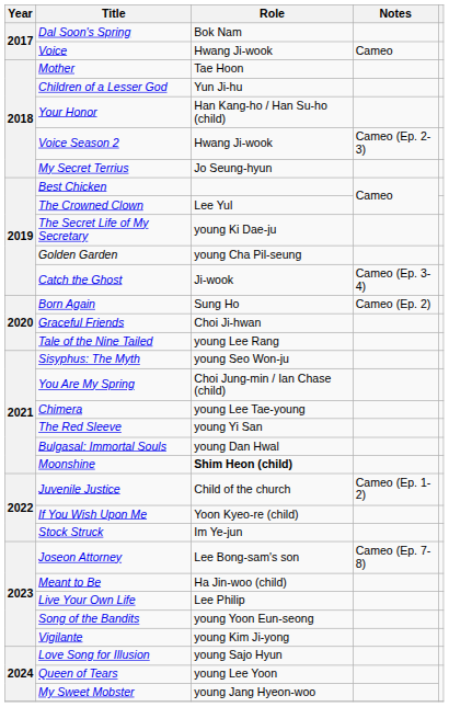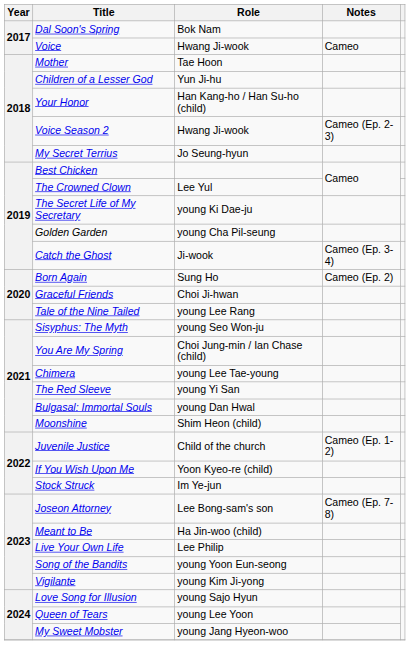 <table class="wikitable sortable plainrowheaders">
 <tr>
 <th scope="col">Year</th>
 <th scope="col">Title</th>
 <th scope="col">Role</th>
 <th scope="col">Notes</th>
 <th scope="col" class="unsortable"></th>
 </tr>
 <tr>
 <th scope="row" rowspan="2">2017</th>
 <td><em><a href='#'>Dal Soon's Spring</a></em></td>
 <td>Bok Nam</td>
 <td></td>
 <td></td>
 </tr>
 <tr>
 <td><em><a href='#'>Voice</a></em></td>
 <td>Hwang Ji-wook</td>
 <td>Cameo</td>
 <td></td>
 </tr>
 <tr>
 <th scope="row" rowspan="5">2018</th>
 <td><em><a href='#'>Mother</a></em></td>
 <td>Tae Hoon</td>
 <td></td>
 <td></td>
 </tr>
 <tr>
 <td><em><a href='#'>Children of a Lesser God</a></em></td>
 <td>Yun Ji-hu</td>
 <td></td>
 <td></td>
 </tr>
 <tr>
 <td><em><a href='#'>Your Honor</a></em></td>
 <td>Han Kang-ho / Han Su-ho (child)</td>
 <td></td>
 <td></td>
 </tr>
 <tr>
 <td><em><a href='#'>Voice Season 2</a></em></td>
 <td>Hwang Ji-wook</td>
 <td>Cameo (Ep. 2-3)</td>
 <td></td>
 </tr>
 <tr>
 <td><em><a href='#'>My Secret Terrius</a></em></td>
 <td>Jo Seung-hyun</td>
 <td></td>
 <td></td>
 </tr>
 <tr>
 <th scope="row" rowspan="5">2019</th>
 <td><em><a href='#'>Best Chicken</a></em></td>
 <td></td>
 <td rowspan="2">Cameo</td>
 <td></td>
 </tr>
 <tr>
 <td><em><a href='#'>The Crowned Clown</a></em></td>
 <td>Lee Yul</td>
 <td></td>
 </tr>
 <tr>
 <td><em><a href='#'>The Secret Life of My Secretary</a></em></td>
 <td>young Ki Dae-ju</td>
 <td></td>
 <td></td>
 </tr>
 <tr>
 <td><em>Golden Garden</em></td>
 <td>young Cha Pil-seung</td>
 <td></td>
 <td></td>
 </tr>
 <tr>
 <td><em><a href='#'>Catch the Ghost</a></em></td>
 <td>Ji-wook</td>
 <td>Cameo (Ep. 3-4)</td>
 <td></td>
 </tr>
 <tr>
 <th scope="row" rowspan="3">2020</th>
 <td><em><a href='#'>Born Again</a></em></td>
 <td>Sung Ho</td>
 <td>Cameo (Ep. 2)</td>
 <td></td>
 </tr>
 <tr>
 <td><em><a href='#'>Graceful Friends</a></em></td>
 <td>Choi Ji-hwan</td>
 <td></td>
 <td></td>
 </tr>
 <tr>
 <td><em><a href='#'>Tale of the Nine Tailed</a></em></td>
 <td>young Lee Rang</td>
 <td></td>
 <td></td>
 </tr>
 <tr>
 <th scope="row" rowspan="6">2021</th>
 <td><em><a href='#'>Sisyphus: The Myth</a></em></td>
 <td>young Seo Won-ju</td>
 <td></td>
 <td></td>
 </tr>
 <tr>
 <td><em><a href='#'>You Are My Spring</a></em></td>
 <td>Choi Jung-min / Ian Chase (child)</td>
 <td></td>
 <td></td>
 </tr>
 <tr>
 <td><em><a href='#'>Chimera</a></em></td>
 <td>young Lee Tae-young</td>
 <td></td>
 <td></td>
 </tr>
 <tr>
 <td><em><a href='#'>The Red Sleeve</a></em></td>
 <td>young Yi San</td>
 <td></td>
 <td></td>
 </tr>
 <tr>
 <td><em><a href='#'>Bulgasal: Immortal Souls</a></em></td>
 <td>young Dan Hwal</td>
 <td></td>
 <td></td>
 </tr>
 <tr>
 <td><em><a href='#'>Moonshine</a></em></td>
-<td><strong>Shim Heon (child)</strong></td>
+<td>Shim Heon (child)</td>
 <td></td>
 <td></td>
 </tr>
 <tr>
 <th scope="row" rowspan="3">2022</th>
 <td><em><a href='#'>Juvenile Justice</a></em></td>
 <td>Child of the church</td>
 <td>Cameo (Ep. 1-2)</td>
 <td></td>
 </tr>
 <tr>
 <td><em><a href='#'>If You Wish Upon Me</a></em></td>
 <td>Yoon Kyeo-re (child)</td>
 <td></td>
 <td></td>
 </tr>
 <tr>
 <td><em><a href='#'>Stock Struck</a></em></td>
 <td>Im Ye-jun</td>
 <td></td>
 <td></td>
 </tr>
 <tr>
 <th scope="row" rowspan="5">2023</th>
 <td><em><a href='#'>Joseon Attorney</a></em></td>
 <td>Lee Bong-sam's son</td>
 <td>Cameo (Ep. 7-8)</td>
 <td></td>
 </tr>
 <tr>
 <td><em><a href='#'>Meant to Be</a></em></td>
 <td>Ha Jin-woo (child)</td>
 <td></td>
 <td></td>
 </tr>
 <tr>
 <td><em><a href='#'>Live Your Own Life</a></em></td>
 <td>Lee Philip</td>
 <td></td>
 <td></td>
 </tr>
 <tr>
 <td><em><a href='#'>Song of the Bandits</a></em></td>
 <td>young Yoon Eun-seong</td>
 <td></td>
 <td></td>
 </tr>
 <tr>
 <td><em><a href='#'>Vigilante</a></em></td>
 <td>young Kim Ji-yong</td>
 <td></td>
 <td></td>
 </tr>
 <tr>
 <th scope="row" rowspan="3">2024</th>
 <td><em><a href='#'>Love Song for Illusion</a></em></td>
 <td>young Sajo Hyun</td>
 <td></td>
 <td></td>
 </tr>
 <tr>
 <td><em><a href='#'>Queen of Tears</a></em></td>
 <td>young Lee Yoon</td>
 <td></td>
 <td rowspan="2"></td>
 </tr>
 <tr>
 <td><em><a href='#'>My Sweet Mobster</a></em></td>
 <td>young Jang Hyeon-woo</td>
 <td></td>
 </tr>
 <tr>
 </tr>
 </table>
